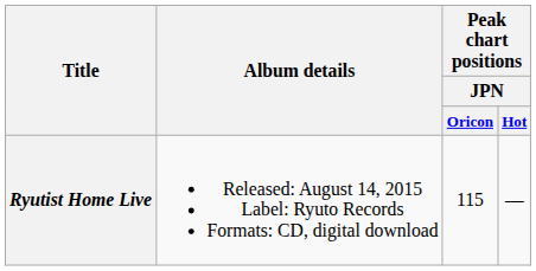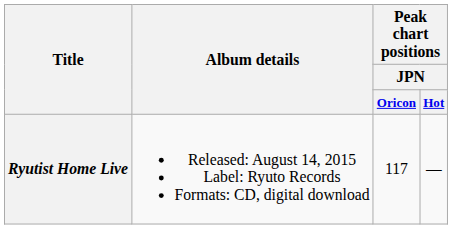 <table class="wikitable plainrowheaders" style="text-align:center;">
 <tr>
 <th scope="col" rowspan="3">Title</th>
 <th scope="col" rowspan="3">Album details</th>
 <th scope="col" colspan="2">Peak <br> chart <br> positions</th>
 </tr>
 <tr>
 <th colspan="2">JPN</th>
 </tr>
 <tr>
 <th scope="col" colspan="1"><small><a href='#'>Oricon</a></small></th>
 <th scope="col" colspan="1"><small><a href='#'>Hot</a></small></th>
 </tr>
 <tr>
 <th scope="row"><em>Ryutist Home Live</em></th>
 <td><br><ul><li>Released: August 14, 2015</li><li>Label: Ryuto Records</li><li>Formats: CD, digital download</li></ul></td>
-<td>115</td>
+<td>117</td>
 <td>—</td>
 </tr>
 </table>
